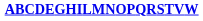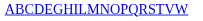 <table id="toc" class="toc" summary="Class">
 <tr>
 <th></th>
 </tr>
 <tr>
-<td style="text-align:center;"><strong><a href='#'>A</a><a href='#'>B</a><a href='#'>C</a><a href='#'>D</a><a href='#'>E</a><a href='#'>G</a><a href='#'>H</a><a href='#'>I</a><a href='#'>L</a><a href='#'>M</a><a href='#'>N</a><a href='#'>O</a><a href='#'>P</a><a href='#'>Q</a><a href='#'>R</a><a href='#'>S</a><a href='#'>T</a><a href='#'>V</a><a href='#'>W</a></strong></td>
+<td style="text-align:center;"><a href='#'>A</a><a href='#'>B</a><a href='#'>C</a><a href='#'>D</a><a href='#'>E</a><a href='#'>G</a><a href='#'>H</a><a href='#'>I</a><a href='#'>L</a><a href='#'>M</a><a href='#'>N</a><a href='#'>O</a><a href='#'>P</a><a href='#'>Q</a><a href='#'>R</a><a href='#'>S</a><a href='#'>T</a><a href='#'>V</a><a href='#'>W</a></td>
 </tr>
 </table>
